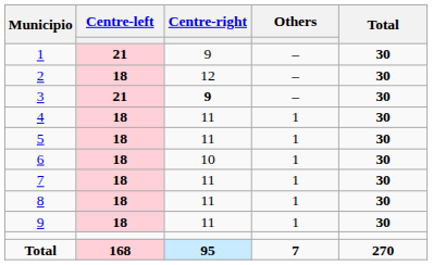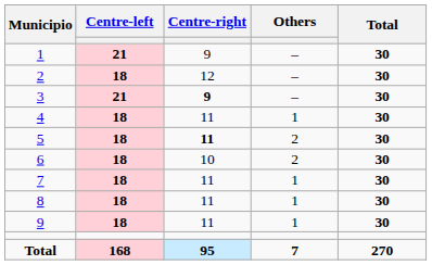 <table class="wikitable" style="text-align:center;font-size:85%;line-height:13px">
 <tr style="height:30px; background-color:#E9E9E9">
 <th style="width:50px;" rowspan="2">Municipio</th>
 <th style="width:75px;"><a href='#'>Centre-left</a></th>
 <th style="width:75px;"><a href='#'>Centre-right</a></th>
 <th style="width:75px;">Others</th>
 <th style="width:75px;" rowspan="2">Total</th>
 </tr>
 <tr>
 <th style="background:"></th>
 <th style="background:"></th>
 <th style="background:"></th>
 </tr>
 <tr>
 <td><a href='#'>1</a></td>
 <td style="background:#FFD0D7"><strong>21</strong></td>
 <td>9</td>
 <td>–</td>
 <td><strong>30</strong></td>
 </tr>
 <tr>
 <td><a href='#'>2</a></td>
 <td style="background:#FFD0D7"><strong>18</strong></td>
 <td>12</td>
 <td>–</td>
 <td><strong>30</strong></td>
 </tr>
 <tr>
 <td><a href='#'>3</a></td>
 <td style="background:#FFD0D7"><strong>21</strong></td>
 <td><strong>9</strong></td>
 <td>–</td>
 <td><strong>30</strong></td>
 </tr>
 <tr>
 <td><a href='#'>4</a></td>
 <td style="background:#FFD0D7"><strong>18</strong></td>
 <td>11</td>
 <td>1</td>
 <td><strong>30</strong></td>
 </tr>
 <tr>
 <td><a href='#'>5</a></td>
 <td style="background:#FFD0D7"><strong>18</strong></td>
-<td>11</td>
-<td>1</td>
+<td><strong>11</strong></td>
+<td>2</td>
 <td><strong>30</strong></td>
 </tr>
 <tr>
 <td><a href='#'>6</a></td>
 <td style="background:#FFD0D7"><strong>18</strong></td>
 <td>10</td>
-<td>1</td>
+<td>2</td>
 <td><strong>30</strong></td>
 </tr>
 <tr>
 <td><a href='#'>7</a></td>
 <td style="background:#FFD0D7"><strong>18</strong></td>
 <td>11</td>
 <td>1</td>
 <td><strong>30</strong></td>
 </tr>
 <tr>
 <td><a href='#'>8</a></td>
 <td style="background:#FFD0D7"><strong>18</strong></td>
 <td>11</td>
 <td>1</td>
 <td><strong>30</strong></td>
 </tr>
 <tr>
 <td><a href='#'>9</a></td>
 <td style="background:#FFD0D7"><strong>18</strong></td>
 <td>11</td>
 <td>1</td>
 <td><strong>30</strong></td>
 </tr>
 <tr>
 <td></td>
 <td></td>
 <td></td>
 <td></td>
 <td></td>
 </tr>
 <tr>
 <td><strong>Total</strong></td>
 <td style="background:#FFD0D7"><strong>168</strong></td>
 <td style="background:#C8EBFF"><strong>95</strong></td>
 <td><strong>7</strong></td>
 <td><strong>270</strong></td>
 </tr>
 </table>
